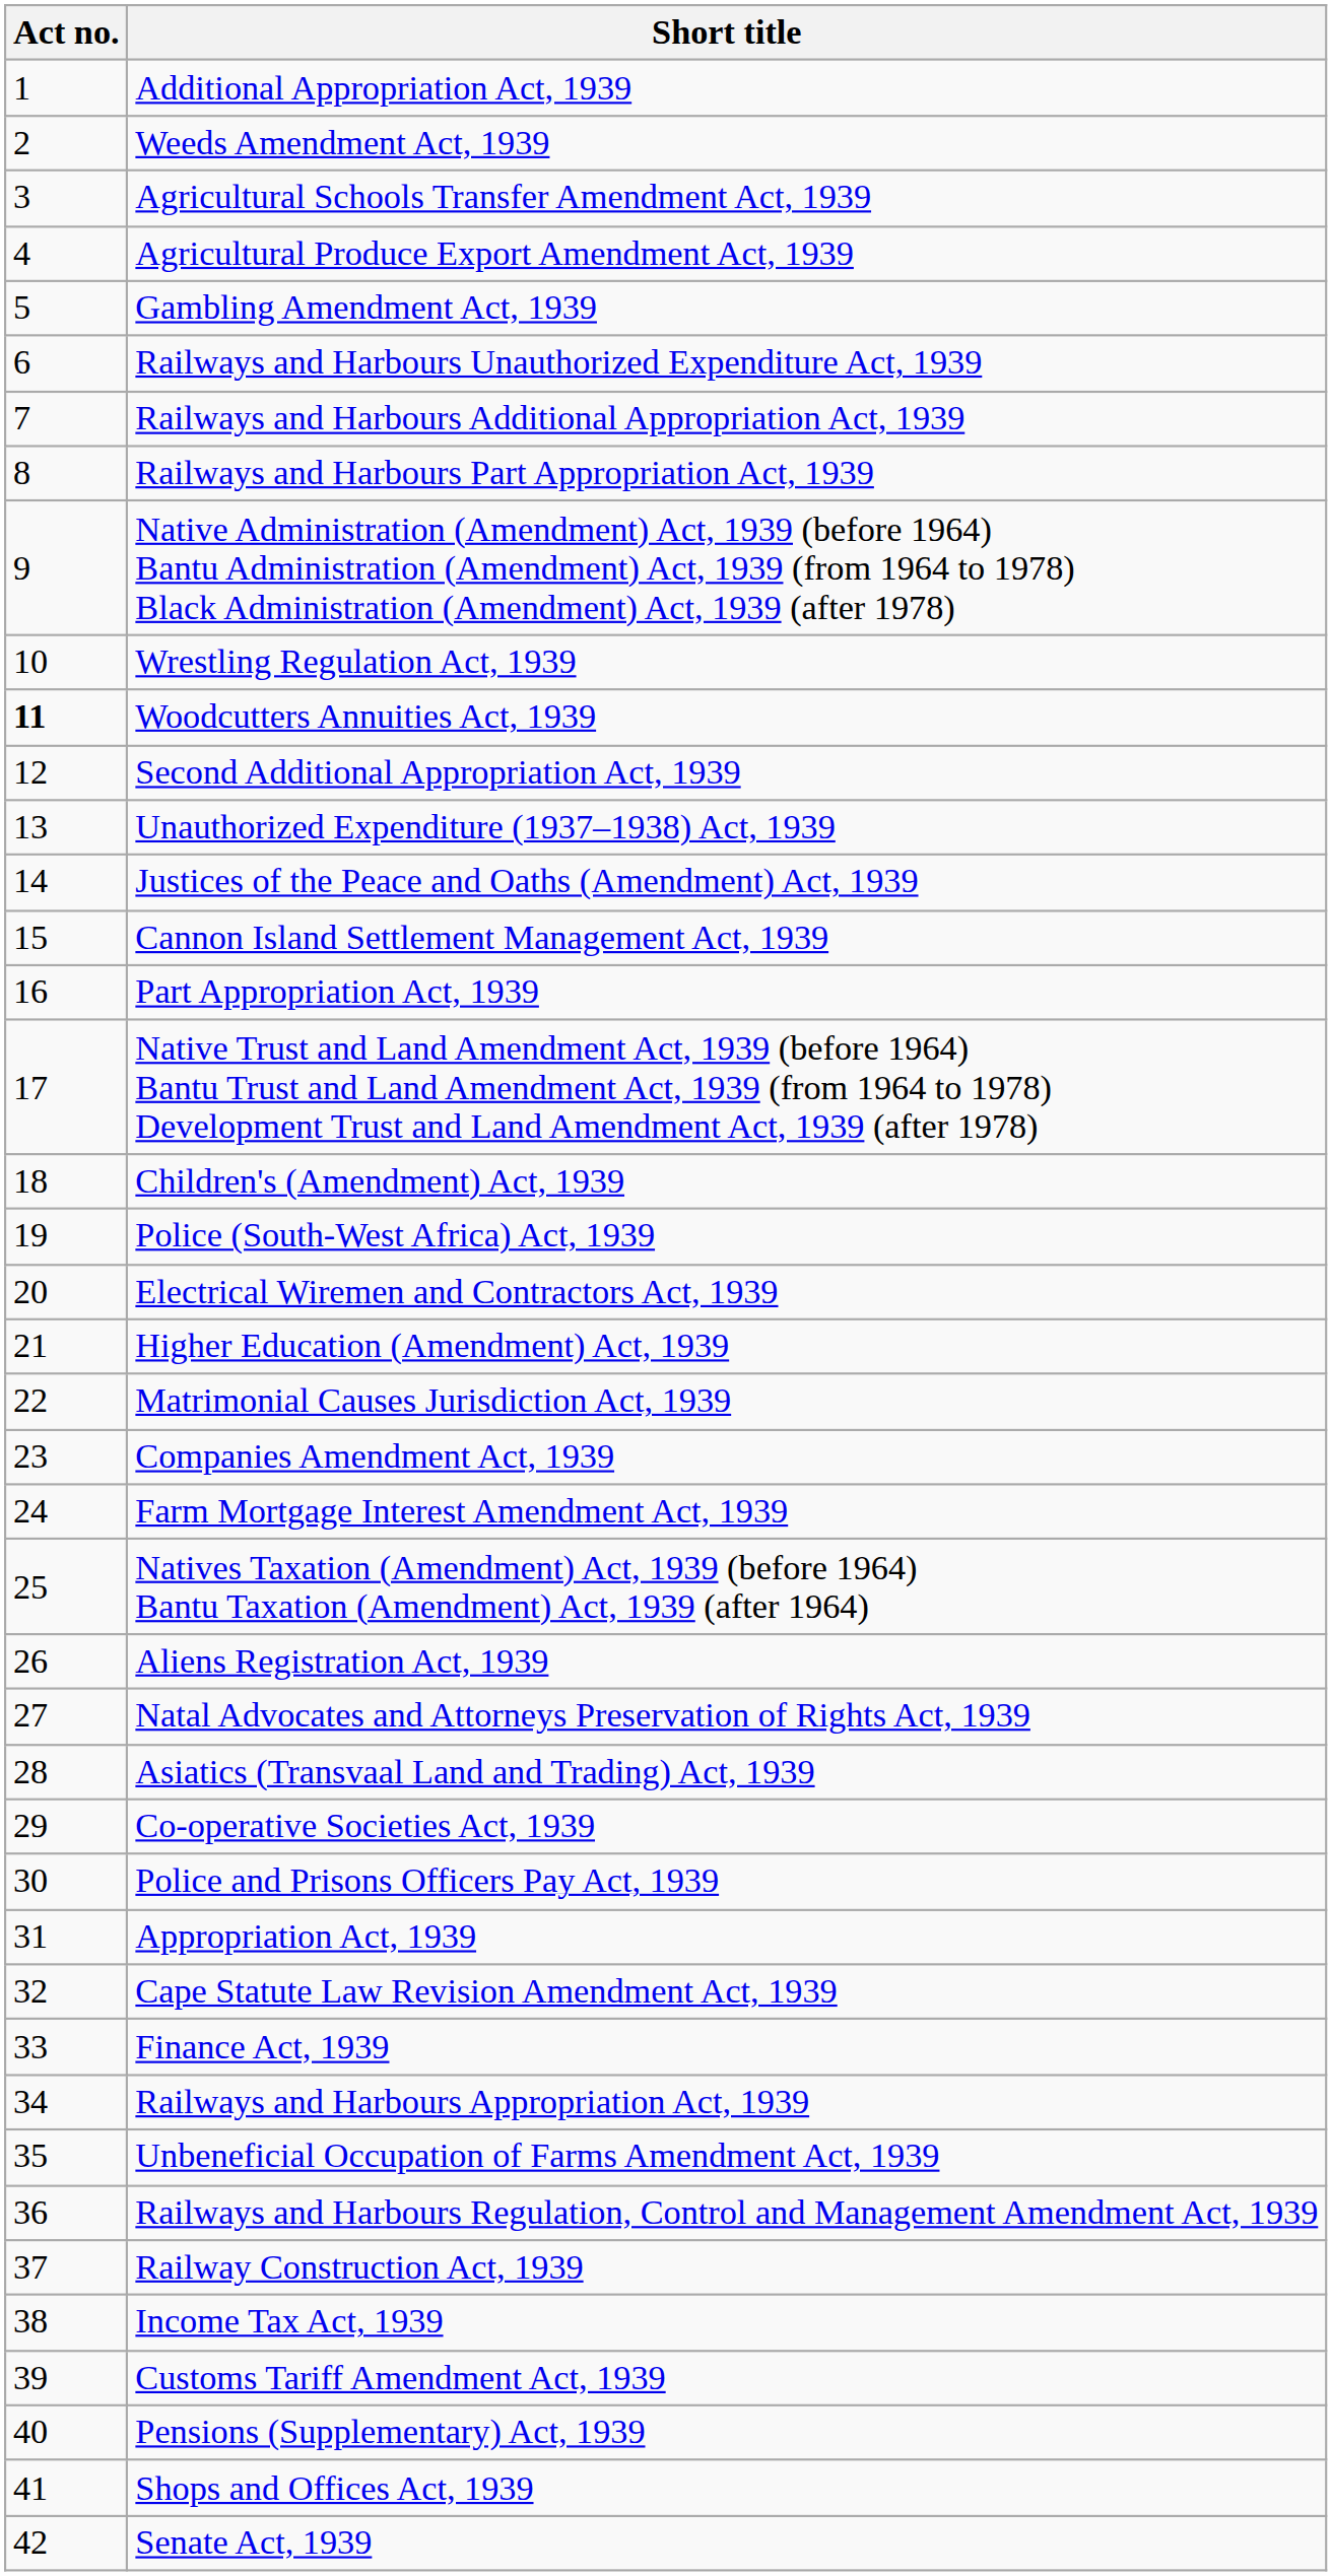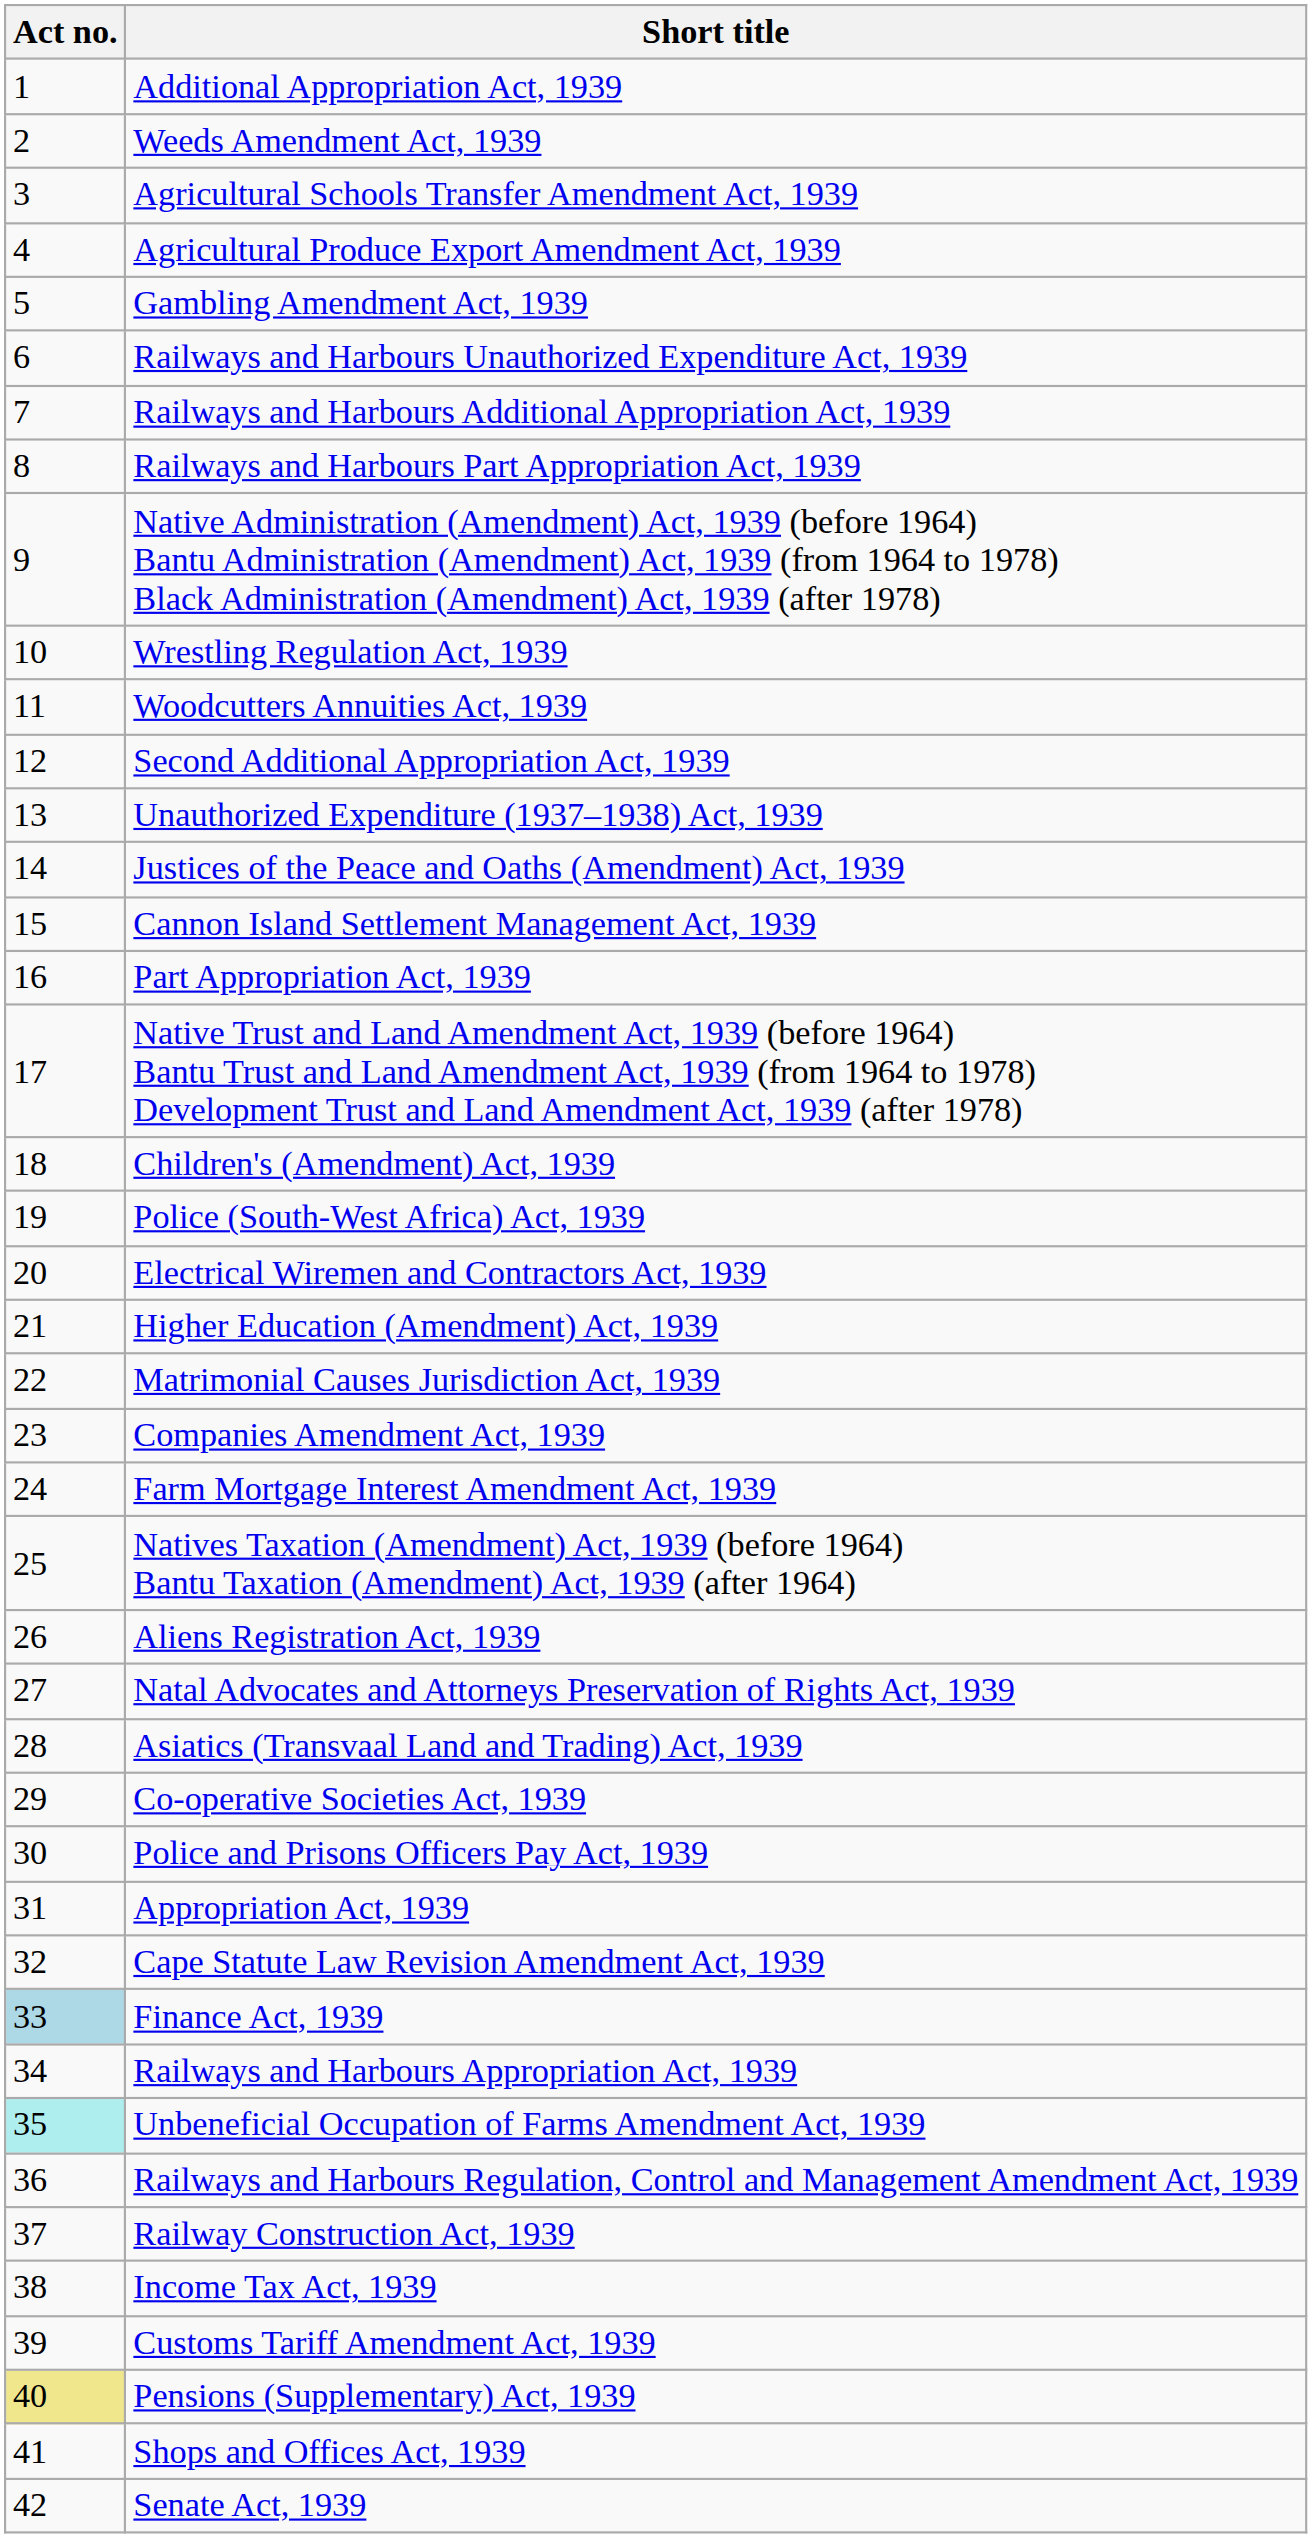 <table class="wikitable sortable">
 <tr>
 <th>Act no.</th>
 <th>Short title</th>
 </tr>
 <tr>
 <td>1</td>
 <td><a href='#'>Additional Appropriation Act, 1939</a></td>
 </tr>
 <tr>
 <td>2</td>
 <td><a href='#'>Weeds Amendment Act, 1939</a></td>
 </tr>
 <tr>
 <td>3</td>
 <td><a href='#'>Agricultural Schools Transfer Amendment Act, 1939</a></td>
 </tr>
 <tr>
 <td>4</td>
 <td><a href='#'>Agricultural Produce Export Amendment Act, 1939</a></td>
 </tr>
 <tr>
 <td>5</td>
 <td><a href='#'>Gambling Amendment Act, 1939</a></td>
 </tr>
 <tr>
 <td>6</td>
 <td><a href='#'>Railways and Harbours Unauthorized Expenditure Act, 1939</a></td>
 </tr>
 <tr>
 <td>7</td>
 <td><a href='#'>Railways and Harbours Additional Appropriation Act, 1939</a></td>
 </tr>
 <tr>
 <td>8</td>
 <td><a href='#'>Railways and Harbours Part Appropriation Act, 1939</a></td>
 </tr>
 <tr>
 <td>9</td>
 <td><a href='#'>Native Administration (Amendment) Act, 1939</a> (before 1964) <br><a href='#'>Bantu Administration (Amendment) Act, 1939</a> (from 1964 to 1978) <br><a href='#'>Black Administration (Amendment) Act, 1939</a> (after 1978)</td>
 </tr>
 <tr>
 <td>10</td>
 <td><a href='#'>Wrestling Regulation Act, 1939</a></td>
 </tr>
 <tr>
-<td><strong>11</strong></td>
+<td>11</td>
 <td><a href='#'>Woodcutters Annuities Act, 1939</a></td>
 </tr>
 <tr>
 <td>12</td>
 <td><a href='#'>Second Additional Appropriation Act, 1939</a></td>
 </tr>
 <tr>
 <td>13</td>
 <td><a href='#'>Unauthorized Expenditure (1937–1938) Act, 1939</a></td>
 </tr>
 <tr>
 <td>14</td>
 <td><a href='#'>Justices of the Peace and Oaths (Amendment) Act, 1939</a></td>
 </tr>
 <tr>
 <td>15</td>
 <td><a href='#'>Cannon Island Settlement Management Act, 1939</a></td>
 </tr>
 <tr>
 <td>16</td>
 <td><a href='#'>Part Appropriation Act, 1939</a></td>
 </tr>
 <tr>
 <td>17</td>
 <td><a href='#'>Native Trust and Land Amendment Act, 1939</a> (before 1964) <br><a href='#'>Bantu Trust and Land Amendment Act, 1939</a> (from 1964 to 1978) <br><a href='#'>Development Trust and Land Amendment Act, 1939</a> (after 1978)</td>
 </tr>
 <tr>
 <td>18</td>
 <td><a href='#'>Children's (Amendment) Act, 1939</a></td>
 </tr>
 <tr>
 <td>19</td>
 <td><a href='#'>Police (South-West Africa) Act, 1939</a></td>
 </tr>
 <tr>
 <td>20</td>
 <td><a href='#'>Electrical Wiremen and Contractors Act, 1939</a></td>
 </tr>
 <tr>
 <td>21</td>
 <td><a href='#'>Higher Education (Amendment) Act, 1939</a></td>
 </tr>
 <tr>
 <td>22</td>
 <td><a href='#'>Matrimonial Causes Jurisdiction Act, 1939</a></td>
 </tr>
 <tr>
 <td>23</td>
 <td><a href='#'>Companies Amendment Act, 1939</a></td>
 </tr>
 <tr>
 <td>24</td>
 <td><a href='#'>Farm Mortgage Interest Amendment Act, 1939</a></td>
 </tr>
 <tr>
 <td>25</td>
 <td><a href='#'>Natives Taxation (Amendment) Act, 1939</a> (before 1964) <br><a href='#'>Bantu Taxation (Amendment) Act, 1939</a> (after 1964)</td>
 </tr>
 <tr>
 <td>26</td>
 <td><a href='#'>Aliens Registration Act, 1939</a></td>
 </tr>
 <tr>
 <td>27</td>
 <td><a href='#'>Natal Advocates and Attorneys Preservation of Rights Act, 1939</a></td>
 </tr>
 <tr>
 <td>28</td>
 <td><a href='#'>Asiatics (Transvaal Land and Trading) Act, 1939</a></td>
 </tr>
 <tr>
 <td>29</td>
 <td><a href='#'>Co-operative Societies Act, 1939</a></td>
 </tr>
 <tr>
 <td>30</td>
 <td><a href='#'>Police and Prisons Officers Pay Act, 1939</a></td>
 </tr>
 <tr>
 <td>31</td>
 <td><a href='#'>Appropriation Act, 1939</a></td>
 </tr>
 <tr>
 <td>32</td>
 <td><a href='#'>Cape Statute Law Revision Amendment Act, 1939</a></td>
 </tr>
 <tr>
-<td>33</td>
+<td style="background: lightblue;">33</td>
 <td><a href='#'>Finance Act, 1939</a></td>
 </tr>
 <tr>
 <td>34</td>
 <td><a href='#'>Railways and Harbours Appropriation Act, 1939</a></td>
 </tr>
 <tr>
-<td>35</td>
+<td style="background: paleturquoise;">35</td>
 <td><a href='#'>Unbeneficial Occupation of Farms Amendment Act, 1939</a></td>
 </tr>
 <tr>
 <td>36</td>
 <td><a href='#'>Railways and Harbours Regulation, Control and Management Amendment Act, 1939</a></td>
 </tr>
 <tr>
 <td>37</td>
 <td><a href='#'>Railway Construction Act, 1939</a></td>
 </tr>
 <tr>
 <td>38</td>
 <td><a href='#'>Income Tax Act, 1939</a></td>
 </tr>
 <tr>
 <td>39</td>
 <td><a href='#'>Customs Tariff Amendment Act, 1939</a></td>
 </tr>
 <tr>
-<td>40</td>
+<td style="background: khaki;">40</td>
 <td><a href='#'>Pensions (Supplementary) Act, 1939</a></td>
 </tr>
 <tr>
 <td>41</td>
 <td><a href='#'>Shops and Offices Act, 1939</a></td>
 </tr>
 <tr>
 <td>42</td>
 <td><a href='#'>Senate Act, 1939</a></td>
 </tr>
 </table>
